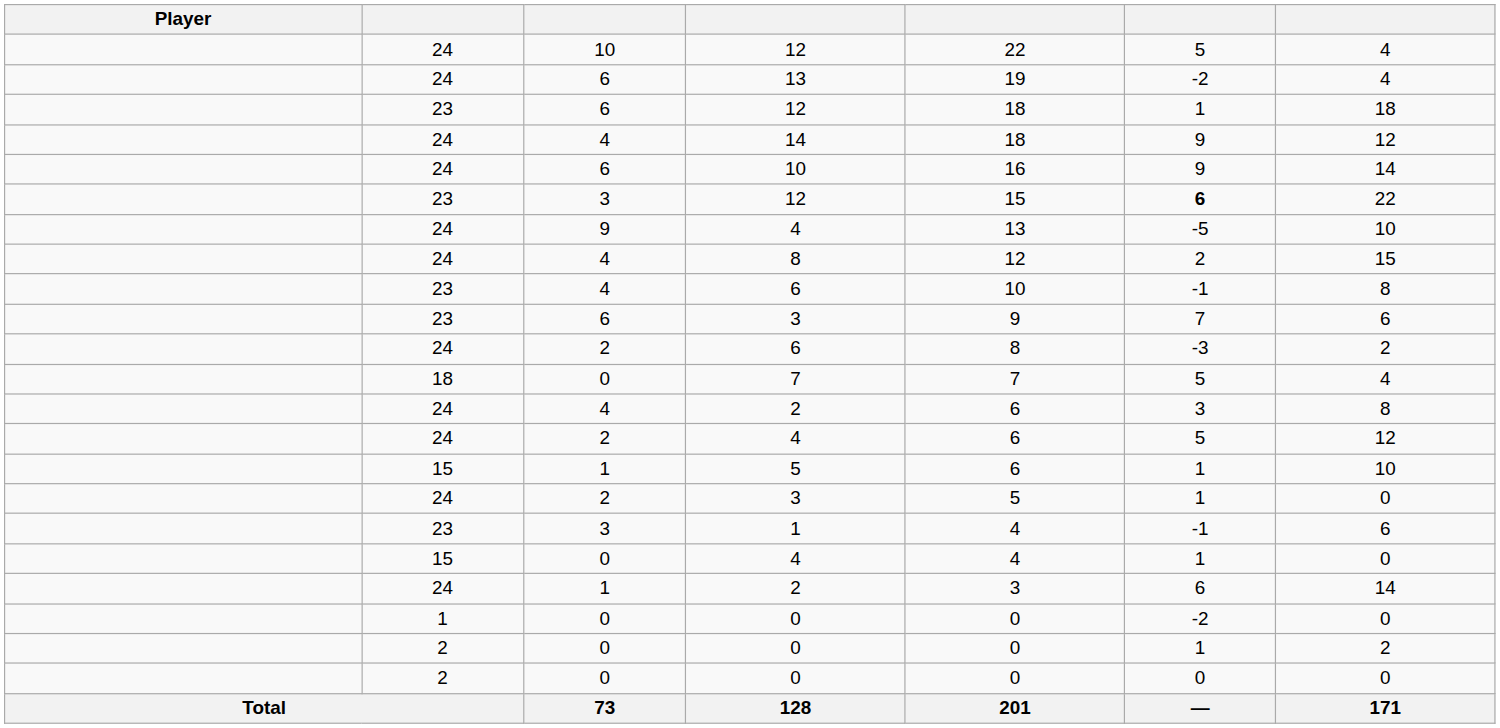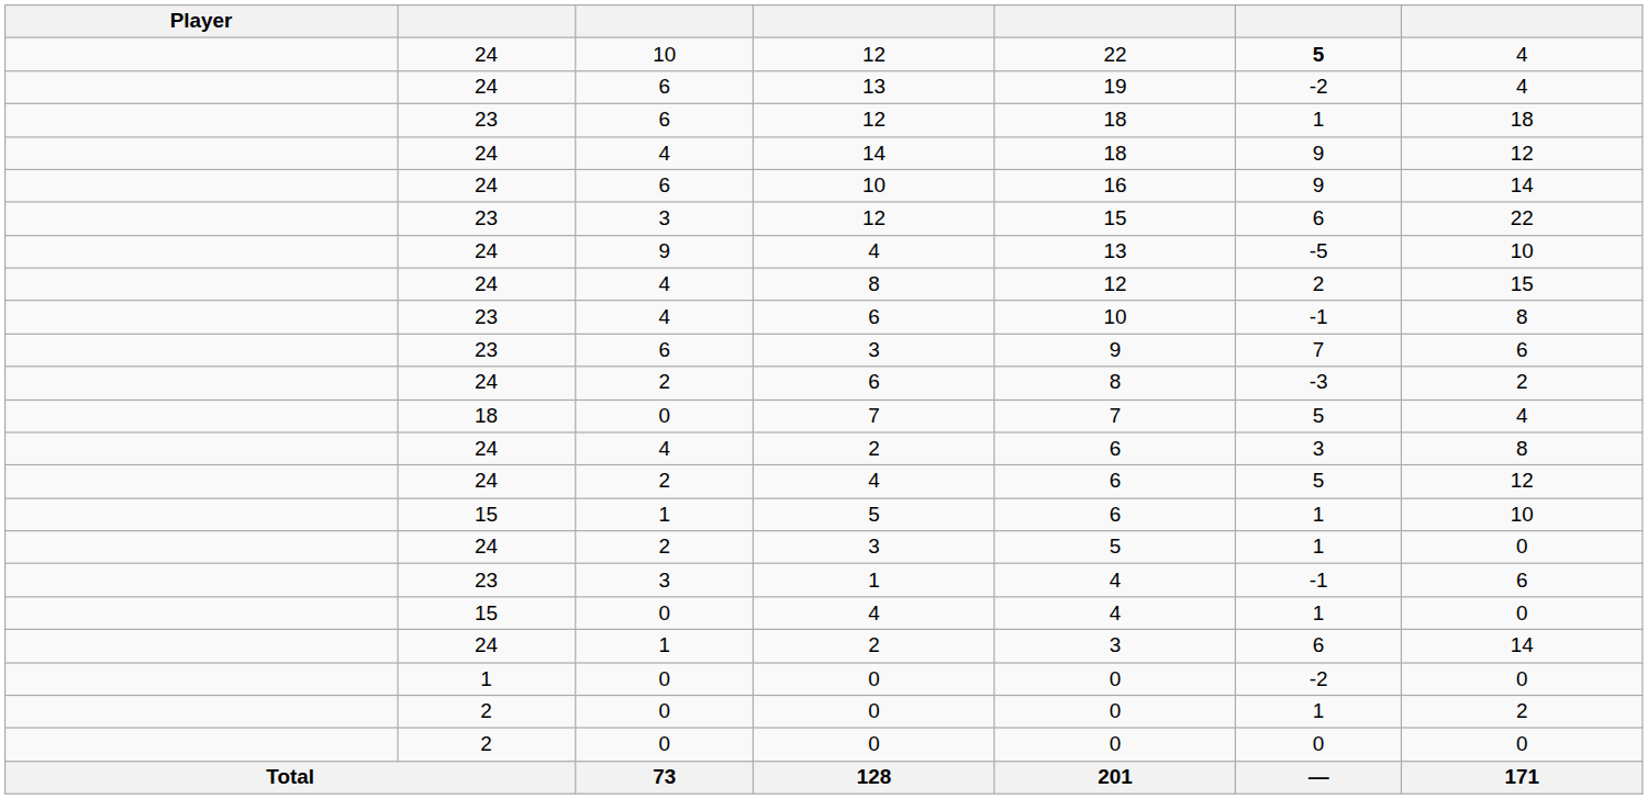 <table class="wikitable sortable" style="width:100%; text-align:center;">
 <tr>
 <th>Player</th>
 <th></th>
 <th></th>
 <th></th>
 <th></th>
 <th data-sort-type="number"></th>
 <th></th>
 </tr>
 <tr>
 <td></td>
 <td>24</td>
 <td>10</td>
 <td>12</td>
 <td>22</td>
-<td>5</td>
+<td><strong>5</strong></td>
 <td>4</td>
 </tr>
 <tr>
 <td></td>
 <td>24</td>
 <td>6</td>
 <td>13</td>
 <td>19</td>
 <td>-2</td>
 <td>4</td>
 </tr>
 <tr>
 <td></td>
 <td>23</td>
 <td>6</td>
 <td>12</td>
 <td>18</td>
 <td>1</td>
 <td>18</td>
 </tr>
 <tr>
 <td></td>
 <td>24</td>
 <td>4</td>
 <td>14</td>
 <td>18</td>
 <td>9</td>
 <td>12</td>
 </tr>
 <tr>
 <td></td>
 <td>24</td>
 <td>6</td>
 <td>10</td>
 <td>16</td>
 <td>9</td>
 <td>14</td>
 </tr>
 <tr>
 <td></td>
 <td>23</td>
 <td>3</td>
 <td>12</td>
 <td>15</td>
-<td><strong>6</strong></td>
+<td>6</td>
 <td>22</td>
 </tr>
 <tr>
 <td></td>
 <td>24</td>
 <td>9</td>
 <td>4</td>
 <td>13</td>
 <td>-5</td>
 <td>10</td>
 </tr>
 <tr>
 <td></td>
 <td>24</td>
 <td>4</td>
 <td>8</td>
 <td>12</td>
 <td>2</td>
 <td>15</td>
 </tr>
 <tr>
 <td></td>
 <td>23</td>
 <td>4</td>
 <td>6</td>
 <td>10</td>
 <td>-1</td>
 <td>8</td>
 </tr>
 <tr>
 <td></td>
 <td>23</td>
 <td>6</td>
 <td>3</td>
 <td>9</td>
 <td>7</td>
 <td>6</td>
 </tr>
 <tr>
 <td></td>
 <td>24</td>
 <td>2</td>
 <td>6</td>
 <td>8</td>
 <td>-3</td>
 <td>2</td>
 </tr>
 <tr>
 <td></td>
 <td>18</td>
 <td>0</td>
 <td>7</td>
 <td>7</td>
 <td>5</td>
 <td>4</td>
 </tr>
 <tr>
 <td></td>
 <td>24</td>
 <td>4</td>
 <td>2</td>
 <td>6</td>
 <td>3</td>
 <td>8</td>
 </tr>
 <tr>
 <td></td>
 <td>24</td>
 <td>2</td>
 <td>4</td>
 <td>6</td>
 <td>5</td>
 <td>12</td>
 </tr>
 <tr>
 <td></td>
 <td>15</td>
 <td>1</td>
 <td>5</td>
 <td>6</td>
 <td>1</td>
 <td>10</td>
 </tr>
 <tr>
 <td></td>
 <td>24</td>
 <td>2</td>
 <td>3</td>
 <td>5</td>
 <td>1</td>
 <td>0</td>
 </tr>
 <tr>
 <td></td>
 <td>23</td>
 <td>3</td>
 <td>1</td>
 <td>4</td>
 <td>-1</td>
 <td>6</td>
 </tr>
 <tr>
 <td></td>
 <td>15</td>
 <td>0</td>
 <td>4</td>
 <td>4</td>
 <td>1</td>
 <td>0</td>
 </tr>
 <tr>
 <td></td>
 <td>24</td>
 <td>1</td>
 <td>2</td>
 <td>3</td>
 <td>6</td>
 <td>14</td>
 </tr>
 <tr>
 <td></td>
 <td>1</td>
 <td>0</td>
 <td>0</td>
 <td>0</td>
 <td>-2</td>
 <td>0</td>
 </tr>
 <tr>
 <td></td>
 <td>2</td>
 <td>0</td>
 <td>0</td>
 <td>0</td>
 <td>1</td>
 <td>2</td>
 </tr>
 <tr>
 <td></td>
 <td>2</td>
 <td>0</td>
 <td>0</td>
 <td>0</td>
 <td>0</td>
 <td>0</td>
 </tr>
 <tr class="sortbottom">
 <th colspan=2>Total</th>
 <th>73</th>
 <th>128</th>
 <th>201</th>
 <th>—</th>
 <th>171</th>
 </tr>
 </table>
